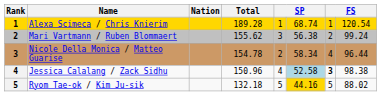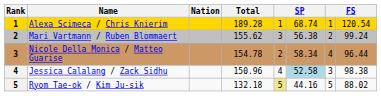 <table class="wikitable sortable">
 <tr>
 <th>Rank</th>
 <th>Name</th>
 <th>Nation</th>
 <th width="80px">Total</th>
 <th colspan="2" width="80px"><a href='#'>SP</a></th>
 <th colspan="2" width="80px"><a href='#'>FS</a></th>
 </tr>
 <tr bgcolor="gold">
 <td align="center"><strong>1</strong></td>
 <td><a href='#'>Alexa Scimeca</a> / <a href='#'>Chris Knierim</a></td>
 <td></td>
 <td align="center">189.28</td>
 <td align="center">1</td>
 <td align="center">68.74</td>
 <td align="center">1</td>
 <td align="center">120.54</td>
 </tr>
 <tr bgcolor="silver">
 <td align="center"><strong>2</strong></td>
 <td><a href='#'>Mari Vartmann</a> / <a href='#'>Ruben Blommaert</a></td>
 <td></td>
 <td align="center">155.62</td>
 <td align="center">3</td>
 <td align="center">56.38</td>
 <td align="center">2</td>
 <td align="center">99.24</td>
 </tr>
 <tr bgcolor="cc9966">
 <td align="center"><strong>3</strong></td>
 <td><a href='#'>Nicole Della Monica</a> / <a href='#'>Matteo Guarise</a></td>
 <td></td>
 <td align="center">154.78</td>
 <td align="center">2</td>
 <td align="center">58.34</td>
 <td align="center">4</td>
 <td align="center">96.44</td>
 </tr>
 <tr>
 <th>4</th>
 <td><a href='#'>Jessica Calalang</a> / <a href='#'>Zack Sidhu</a></td>
 <td></td>
 <td align="center">150.96</td>
 <td align="center">4</td>
 <td align="center" style="background: lightblue;">52.58</td>
-<td align="center"><strong>3</strong></td>
+<td align="center">3</td>
 <td align="center">98.38</td>
 </tr>
 <tr>
 <th>5</th>
 <td><a href='#'>Ryom Tae-ok</a> / <a href='#'>Kim Ju-sik</a></td>
 <td></td>
 <td align="center">132.18</td>
-<td align="center">5</td>
-<td align="center" style="background: gold;">44.16</td>
+<td align="center" style="background: khaki;">5</td>
+<td align="center">44.16</td>
 <td align="center">5</td>
 <td align="center">88.02</td>
 </tr>
 </table>
